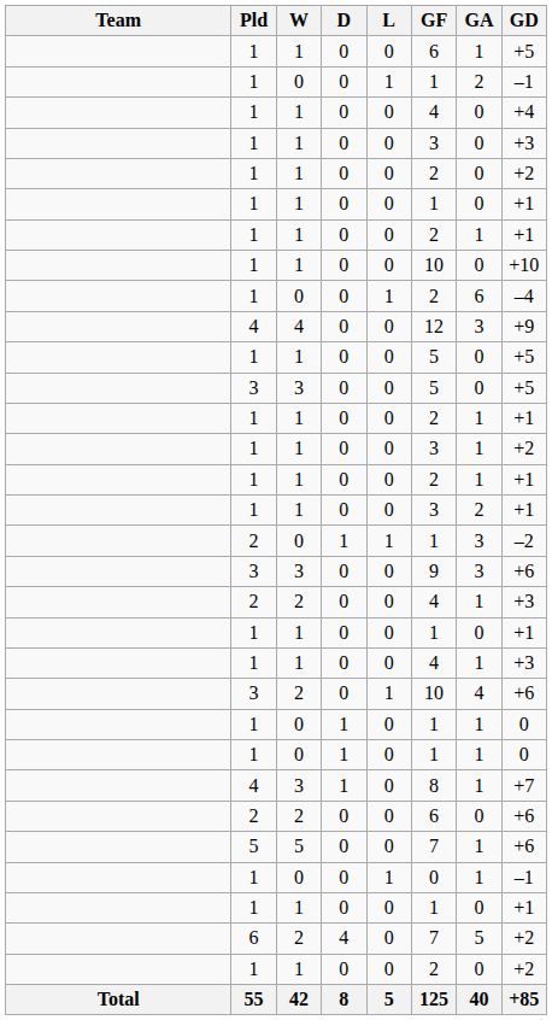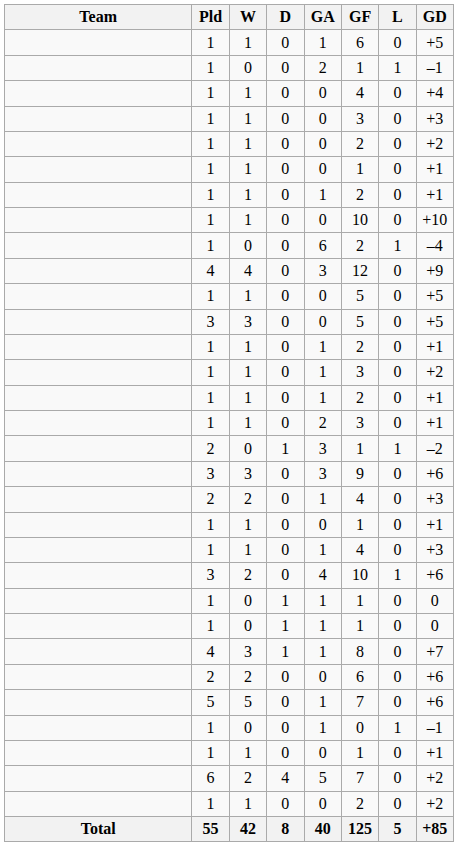 <table class="wikitable sortable" style="text-align: center;">
 <tr>
 <th width=180>Team</th>
 <th width=30>Pld</th>
 <th width=30>W</th>
 <th width=30>D</th>
+<th width=30>GA</th>
+<th width=30>GF</th>
 <th width=30>L</th>
-<th width=30>GF</th>
-<th width=30>GA</th>
 <th width=30>GD</th>
 </tr>
 <tr>
 <td align="left"></td>
 <td>1</td>
 <td>1</td>
 <td>0</td>
+<td>1</td>
+<td>6</td>
 <td>0</td>
-<td>6</td>
-<td>1</td>
 <td>+5</td>
 </tr>
 <tr>
 <td align="left"></td>
 <td>1</td>
 <td>0</td>
 <td>0</td>
+<td>2</td>
 <td>1</td>
 <td>1</td>
-<td>2</td>
 <td>–1</td>
 </tr>
 <tr>
 <td align="left"></td>
 <td>1</td>
 <td>1</td>
 <td>0</td>
 <td>0</td>
 <td>4</td>
 <td>0</td>
 <td>+4</td>
 </tr>
 <tr>
 <td align="left"></td>
 <td>1</td>
 <td>1</td>
 <td>0</td>
 <td>0</td>
 <td>3</td>
 <td>0</td>
 <td>+3</td>
 </tr>
 <tr>
 <td align="left"></td>
 <td>1</td>
 <td>1</td>
 <td>0</td>
 <td>0</td>
 <td>2</td>
 <td>0</td>
 <td>+2</td>
 </tr>
 <tr>
 <td align="left"></td>
 <td>1</td>
 <td>1</td>
 <td>0</td>
 <td>0</td>
 <td>1</td>
 <td>0</td>
 <td>+1</td>
 </tr>
 <tr>
 <td align="left"></td>
 <td>1</td>
 <td>1</td>
 <td>0</td>
+<td>1</td>
+<td>2</td>
 <td>0</td>
-<td>2</td>
-<td>1</td>
 <td>+1</td>
 </tr>
 <tr>
 <td align="left"></td>
 <td>1</td>
 <td>1</td>
 <td>0</td>
 <td>0</td>
 <td>10</td>
 <td>0</td>
 <td>+10</td>
 </tr>
 <tr>
 <td align="left"></td>
 <td>1</td>
 <td>0</td>
 <td>0</td>
+<td>6</td>
+<td>2</td>
 <td>1</td>
-<td>2</td>
-<td>6</td>
 <td>–4</td>
 </tr>
 <tr>
 <td align="left"></td>
 <td>4</td>
 <td>4</td>
 <td>0</td>
+<td>3</td>
+<td>12</td>
 <td>0</td>
-<td>12</td>
-<td>3</td>
 <td>+9</td>
 </tr>
 <tr>
 <td align="left"></td>
 <td>1</td>
 <td>1</td>
 <td>0</td>
 <td>0</td>
 <td>5</td>
 <td>0</td>
 <td>+5</td>
 </tr>
 <tr>
 <td align="left"></td>
 <td>3</td>
 <td>3</td>
 <td>0</td>
 <td>0</td>
 <td>5</td>
 <td>0</td>
 <td>+5</td>
 </tr>
 <tr>
 <td align="left"></td>
 <td>1</td>
 <td>1</td>
 <td>0</td>
+<td>1</td>
+<td>2</td>
 <td>0</td>
-<td>2</td>
-<td>1</td>
 <td>+1</td>
 </tr>
 <tr>
 <td align="left"></td>
 <td>1</td>
 <td>1</td>
 <td>0</td>
+<td>1</td>
+<td>3</td>
 <td>0</td>
-<td>3</td>
-<td>1</td>
 <td>+2</td>
 </tr>
 <tr>
 <td align="left"></td>
 <td>1</td>
 <td>1</td>
 <td>0</td>
+<td>1</td>
+<td>2</td>
 <td>0</td>
-<td>2</td>
-<td>1</td>
 <td>+1</td>
 </tr>
 <tr>
 <td align="left"></td>
 <td>1</td>
 <td>1</td>
 <td>0</td>
+<td>2</td>
+<td>3</td>
 <td>0</td>
-<td>3</td>
-<td>2</td>
 <td>+1</td>
 </tr>
 <tr>
 <td align="left"></td>
 <td>2</td>
 <td>0</td>
 <td>1</td>
+<td>3</td>
 <td>1</td>
 <td>1</td>
-<td>3</td>
 <td>–2</td>
 </tr>
 <tr>
 <td align="left"></td>
 <td>3</td>
 <td>3</td>
 <td>0</td>
+<td>3</td>
+<td>9</td>
 <td>0</td>
-<td>9</td>
-<td>3</td>
 <td>+6</td>
 </tr>
 <tr>
 <td align="left"></td>
 <td>2</td>
 <td>2</td>
 <td>0</td>
+<td>1</td>
+<td>4</td>
 <td>0</td>
-<td>4</td>
-<td>1</td>
 <td>+3</td>
 </tr>
 <tr>
 <td align="left"></td>
 <td>1</td>
 <td>1</td>
 <td>0</td>
 <td>0</td>
 <td>1</td>
 <td>0</td>
 <td>+1</td>
 </tr>
 <tr>
 <td align="left"></td>
 <td>1</td>
 <td>1</td>
 <td>0</td>
+<td>1</td>
+<td>4</td>
 <td>0</td>
-<td>4</td>
-<td>1</td>
 <td>+3</td>
 </tr>
 <tr>
 <td align="left"></td>
 <td>3</td>
 <td>2</td>
 <td>0</td>
+<td>4</td>
+<td>10</td>
 <td>1</td>
-<td>10</td>
-<td>4</td>
 <td>+6</td>
 </tr>
 <tr>
 <td align="left"></td>
 <td>1</td>
 <td>0</td>
 <td>1</td>
-<td>0</td>
 <td>1</td>
 <td>1</td>
+<td>0</td>
 <td>0</td>
 </tr>
 <tr>
 <td align="left"></td>
 <td>1</td>
 <td>0</td>
 <td>1</td>
-<td>0</td>
 <td>1</td>
 <td>1</td>
+<td>0</td>
 <td>0</td>
 </tr>
 <tr>
 <td align="left"></td>
 <td>4</td>
 <td>3</td>
 <td>1</td>
+<td>1</td>
+<td>8</td>
 <td>0</td>
-<td>8</td>
-<td>1</td>
 <td>+7</td>
 </tr>
 <tr>
 <td align="left"></td>
 <td>2</td>
 <td>2</td>
 <td>0</td>
 <td>0</td>
 <td>6</td>
 <td>0</td>
 <td>+6</td>
 </tr>
 <tr>
 <td align="left"></td>
 <td>5</td>
 <td>5</td>
 <td>0</td>
+<td>1</td>
+<td>7</td>
 <td>0</td>
-<td>7</td>
-<td>1</td>
 <td>+6</td>
 </tr>
 <tr>
 <td align="left"></td>
 <td>1</td>
 <td>0</td>
 <td>0</td>
 <td>1</td>
 <td>0</td>
 <td>1</td>
 <td>–1</td>
 </tr>
 <tr>
 <td align="left"></td>
 <td>1</td>
 <td>1</td>
 <td>0</td>
 <td>0</td>
 <td>1</td>
 <td>0</td>
 <td>+1</td>
 </tr>
 <tr>
 <td align="left"></td>
 <td>6</td>
 <td>2</td>
 <td>4</td>
+<td>5</td>
+<td>7</td>
 <td>0</td>
-<td>7</td>
-<td>5</td>
 <td>+2</td>
 </tr>
 <tr>
 <td align="left"></td>
 <td>1</td>
 <td>1</td>
 <td>0</td>
 <td>0</td>
 <td>2</td>
 <td>0</td>
 <td>+2</td>
 </tr>
 <tr>
 <th>Total</th>
 <th>55</th>
 <th>42</th>
 <th>8</th>
+<th>40</th>
+<th>125</th>
 <th>5</th>
-<th>125</th>
-<th>40</th>
 <th>+85</th>
 </tr>
 </table>
